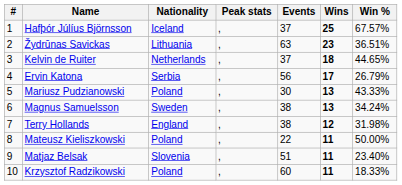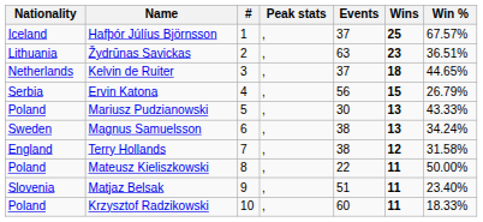 <table class="wikitable sortable" style="display: inline-table;width: 100%;">
 <tr>
+<th>Nationality</th>
+<th>Name</th>
 <th>#</th>
-<th>Name</th>
-<th>Nationality</th>
 <th>Peak stats</th>
 <th>Events</th>
 <th>Wins</th>
 <th>Win %</th>
 </tr>
 <tr>
+<td> <a href='#'>Iceland</a></td>
+<td><a href='#'>Hafþór Júlíus Björnsson</a></td>
 <td>1</td>
-<td><a href='#'>Hafþór Júlíus Björnsson</a></td>
-<td> <a href='#'>Iceland</a></td>
 <td>, </td>
 <td>37</td>
 <td><strong>25</strong></td>
 <td>67.57%</td>
 </tr>
 <tr>
+<td> <a href='#'>Lithuania</a></td>
+<td><a href='#'>Žydrūnas Savickas</a></td>
 <td>2</td>
-<td><a href='#'>Žydrūnas Savickas</a></td>
-<td> <a href='#'>Lithuania</a></td>
 <td>, </td>
 <td>63</td>
 <td><strong>23</strong></td>
 <td>36.51%</td>
 </tr>
 <tr>
+<td> <a href='#'>Netherlands</a></td>
+<td><a href='#'>Kelvin de Ruiter</a></td>
 <td>3</td>
-<td><a href='#'>Kelvin de Ruiter</a></td>
-<td> <a href='#'>Netherlands</a></td>
 <td>, </td>
 <td>37</td>
 <td><strong>18</strong></td>
 <td>44.65%</td>
 </tr>
 <tr>
+<td> <a href='#'>Serbia</a></td>
+<td><a href='#'>Ervin Katona</a></td>
 <td>4</td>
-<td><a href='#'>Ervin Katona</a></td>
-<td> <a href='#'>Serbia</a></td>
 <td>, </td>
 <td>56</td>
-<td><strong>17</strong></td>
+<td><strong>15</strong></td>
 <td>26.79%</td>
 </tr>
 <tr>
+<td> <a href='#'>Poland</a></td>
+<td><a href='#'>Mariusz Pudzianowski</a></td>
 <td>5</td>
-<td><a href='#'>Mariusz Pudzianowski</a></td>
-<td> <a href='#'>Poland</a></td>
 <td>, </td>
 <td>30</td>
 <td><strong>13</strong></td>
 <td>43.33%</td>
 </tr>
 <tr>
+<td> <a href='#'>Sweden</a></td>
+<td><a href='#'>Magnus Samuelsson</a></td>
 <td>6</td>
-<td><a href='#'>Magnus Samuelsson</a></td>
-<td> <a href='#'>Sweden</a></td>
 <td>, </td>
 <td>38</td>
 <td><strong>13</strong></td>
 <td>34.24%</td>
 </tr>
 <tr>
+<td> <a href='#'>England</a></td>
+<td><a href='#'>Terry Hollands</a></td>
 <td>7</td>
-<td><a href='#'>Terry Hollands</a></td>
-<td> <a href='#'>England</a></td>
 <td>, </td>
 <td>38</td>
 <td><strong>12</strong></td>
-<td>31.98%</td>
+<td>31.58%</td>
 </tr>
 <tr>
+<td> <a href='#'>Poland</a></td>
+<td><a href='#'>Mateusz Kieliszkowski</a></td>
 <td>8</td>
-<td><a href='#'>Mateusz Kieliszkowski</a></td>
-<td> <a href='#'>Poland</a></td>
 <td>, </td>
 <td>22</td>
 <td><strong>11</strong></td>
 <td>50.00%</td>
 </tr>
 <tr>
+<td> <a href='#'>Slovenia</a></td>
+<td><a href='#'>Matjaz Belsak</a></td>
 <td>9</td>
-<td><a href='#'>Matjaz Belsak</a></td>
-<td> <a href='#'>Slovenia</a></td>
 <td>, </td>
 <td>51</td>
 <td><strong>11</strong></td>
 <td>23.40%</td>
 </tr>
 <tr>
+<td> <a href='#'>Poland</a></td>
+<td><a href='#'>Krzysztof Radzikowski</a></td>
 <td>10</td>
-<td><a href='#'>Krzysztof Radzikowski</a></td>
-<td> <a href='#'>Poland</a></td>
 <td>, </td>
 <td>60</td>
 <td><strong>11</strong></td>
 <td>18.33%</td>
 </tr>
 </table>
